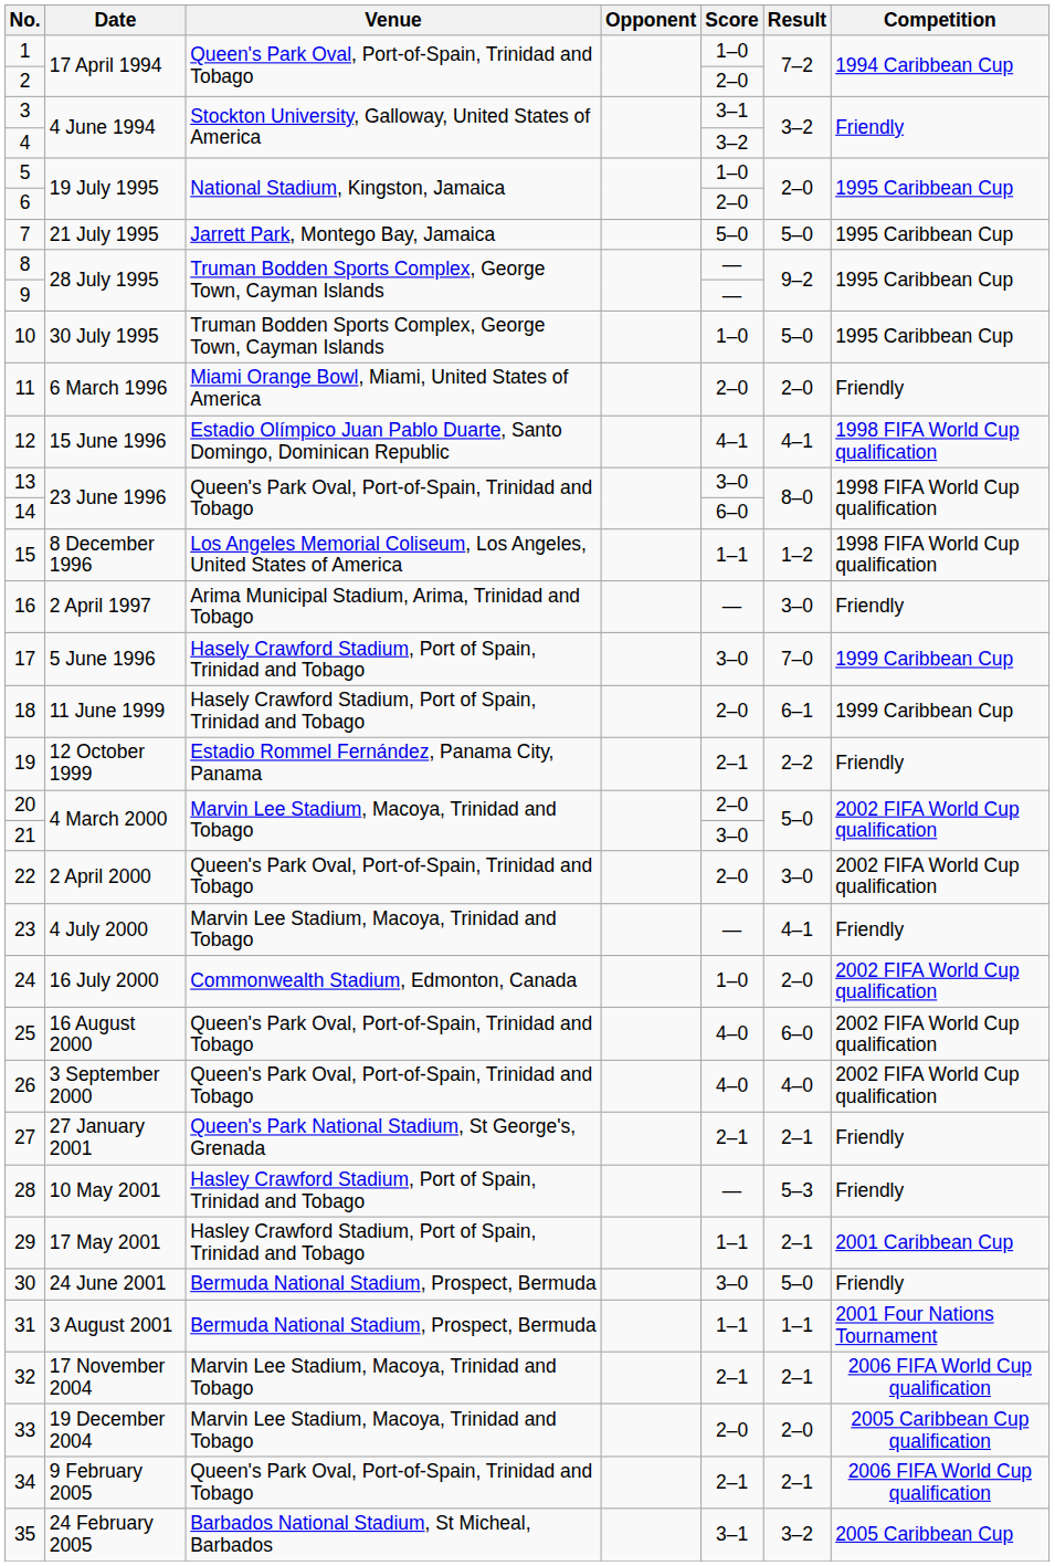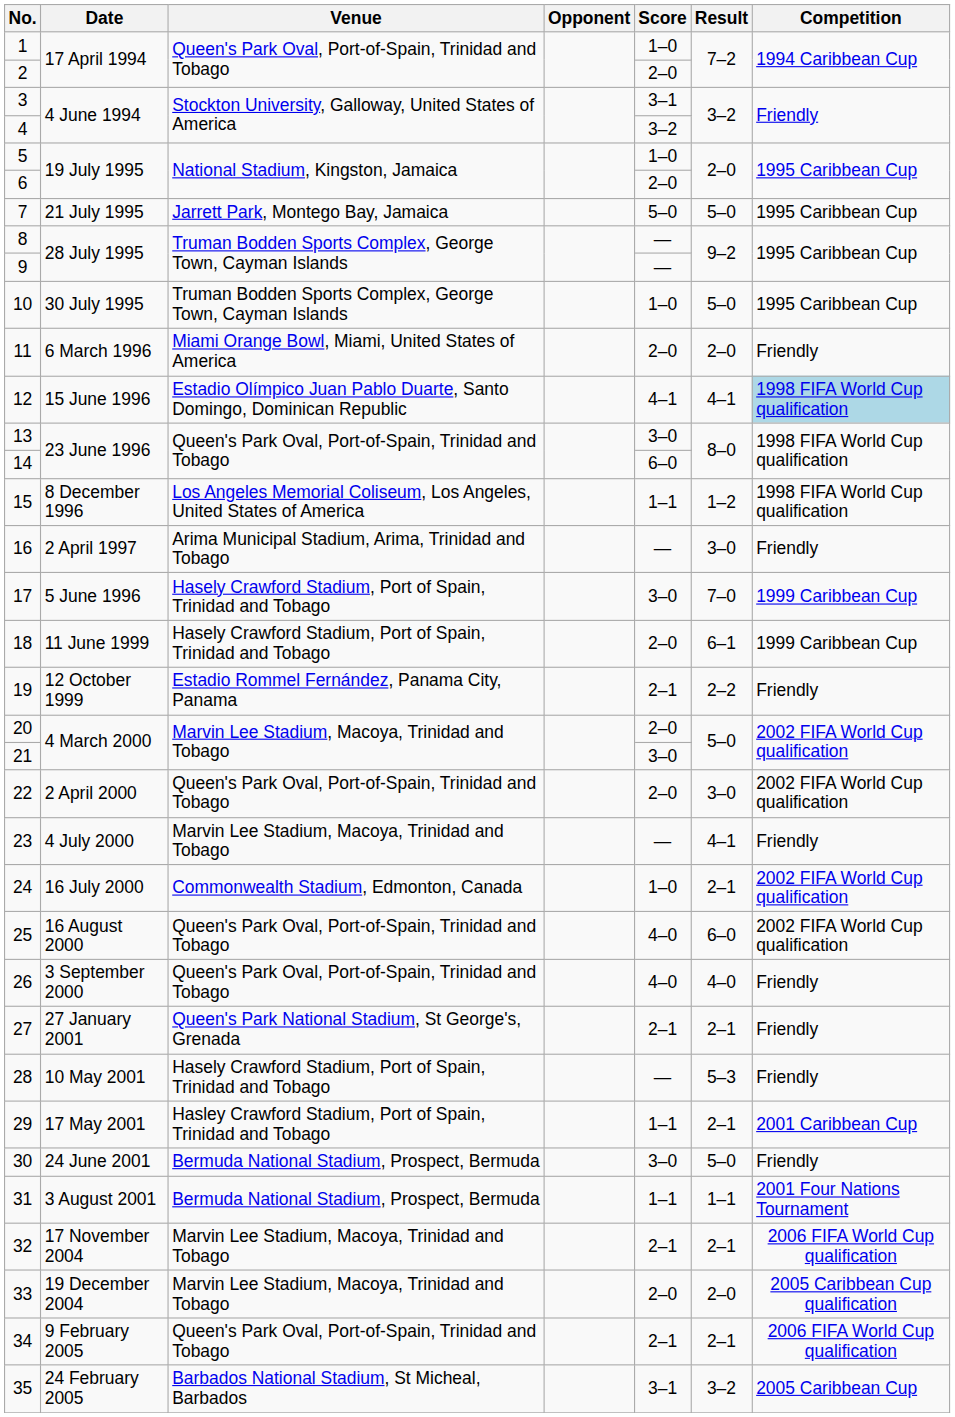 <table class="wikitable sortable">
 <tr>
 <th scope="col">No.</th>
 <th scope="col">Date</th>
 <th scope="col">Venue</th>
 <th scope="col">Opponent</th>
 <th scope="col">Score</th>
 <th scope="col">Result</th>
 <th scope="col">Competition</th>
 </tr>
 <tr>
 <td align="center">1</td>
 <td rowspan="2">17 April 1994</td>
 <td rowspan="2"><a href='#'>Queen's Park Oval</a>, Port-of-Spain, Trinidad and Tobago</td>
 <td rowspan="2"></td>
 <td align="center">1–0</td>
 <td rowspan="2" align="center">7–2</td>
 <td rowspan="2"><a href='#'>1994 Caribbean Cup</a></td>
 </tr>
 <tr>
 <td align="center">2</td>
 <td align="center">2–0</td>
 </tr>
 <tr>
 <td align="center">3</td>
 <td rowspan="2">4 June 1994</td>
 <td rowspan="2"><a href='#'>Stockton University</a>, Galloway, United States of America</td>
 <td rowspan="2"></td>
 <td align="center">3–1</td>
 <td rowspan="2" align="center">3–2</td>
 <td rowspan="2"><a href='#'>Friendly</a></td>
 </tr>
 <tr>
 <td align="center">4</td>
 <td align="center">3–2</td>
 </tr>
 <tr>
 <td align="center">5</td>
 <td rowspan="2">19 July 1995</td>
 <td rowspan="2"><a href='#'>National Stadium</a>, Kingston, Jamaica</td>
 <td rowspan="2"></td>
 <td align="center">1–0</td>
 <td rowspan="2" align="center">2–0</td>
 <td rowspan="2"><a href='#'>1995 Caribbean Cup</a></td>
 </tr>
 <tr>
 <td align="center">6</td>
 <td align="center">2–0</td>
 </tr>
 <tr>
 <td align="center">7</td>
 <td>21 July 1995</td>
 <td><a href='#'>Jarrett Park</a>, Montego Bay, Jamaica</td>
 <td></td>
 <td align="center">5–0</td>
 <td align="center">5–0</td>
 <td>1995 Caribbean Cup</td>
 </tr>
 <tr>
 <td align="center">8</td>
 <td rowspan="2">28 July 1995</td>
 <td rowspan="2"><a href='#'>Truman Bodden Sports Complex</a>, George Town, Cayman Islands</td>
 <td rowspan="2"></td>
 <td align="center">—</td>
 <td rowspan="2" align="center">9–2</td>
 <td rowspan="2">1995 Caribbean Cup</td>
 </tr>
 <tr>
 <td align="center">9</td>
 <td align="center">—</td>
 </tr>
 <tr>
 <td align="center">10</td>
 <td>30 July 1995</td>
 <td>Truman Bodden Sports Complex, George Town, Cayman Islands</td>
 <td></td>
 <td align="center">1–0</td>
 <td align="center">5–0</td>
 <td>1995 Caribbean Cup</td>
 </tr>
 <tr>
 <td align="center">11</td>
 <td>6 March 1996</td>
 <td><a href='#'>Miami Orange Bowl</a>, Miami, United States of America</td>
 <td></td>
 <td align="center">2–0</td>
 <td align="center">2–0</td>
 <td>Friendly</td>
 </tr>
 <tr>
 <td align="center">12</td>
 <td>15 June 1996</td>
 <td><a href='#'>Estadio Olímpico Juan Pablo Duarte</a>, Santo Domingo, Dominican Republic</td>
 <td></td>
 <td align="center">4–1</td>
 <td align="center">4–1</td>
-<td><a href='#'>1998 FIFA World Cup qualification</a></td>
+<td style="background: lightblue;"><a href='#'>1998 FIFA World Cup qualification</a></td>
 </tr>
 <tr>
 <td align="center">13</td>
 <td rowspan="2">23 June 1996</td>
 <td rowspan="2">Queen's Park Oval, Port-of-Spain, Trinidad and Tobago</td>
 <td rowspan="2"></td>
 <td align="center">3–0</td>
 <td rowspan="2" align="center">8–0</td>
 <td rowspan="2">1998 FIFA World Cup qualification</td>
 </tr>
 <tr>
 <td align="center">14</td>
 <td align="center">6–0</td>
 </tr>
 <tr>
 <td align="center">15</td>
 <td>8 December 1996</td>
 <td><a href='#'>Los Angeles Memorial Coliseum</a>, Los Angeles, United States of America</td>
 <td></td>
 <td align="center">1–1</td>
 <td align="center">1–2</td>
 <td>1998 FIFA World Cup qualification</td>
 </tr>
 <tr>
 <td align="center">16</td>
 <td>2 April 1997</td>
 <td>Arima Municipal Stadium, Arima, Trinidad and Tobago</td>
 <td></td>
 <td align="center">—</td>
 <td align="center">3–0</td>
 <td>Friendly</td>
 </tr>
 <tr>
 <td align="center">17</td>
 <td>5 June 1996</td>
 <td><a href='#'>Hasely Crawford Stadium</a>, Port of Spain, Trinidad and Tobago</td>
 <td></td>
 <td align="center">3–0</td>
 <td align="center">7–0</td>
 <td><a href='#'>1999 Caribbean Cup</a></td>
 </tr>
 <tr>
 <td align="center">18</td>
 <td>11 June 1999</td>
 <td>Hasely Crawford Stadium, Port of Spain, Trinidad and Tobago</td>
 <td></td>
 <td align="center">2–0</td>
 <td align="center">6–1</td>
 <td>1999 Caribbean Cup</td>
 </tr>
 <tr>
 <td align="center">19</td>
 <td>12 October 1999</td>
 <td><a href='#'>Estadio Rommel Fernández</a>, Panama City, Panama</td>
 <td></td>
 <td align="center">2–1</td>
 <td align="center">2–2</td>
 <td>Friendly</td>
 </tr>
 <tr>
 <td align="center">20</td>
 <td rowspan="2">4 March 2000</td>
 <td rowspan="2"><a href='#'>Marvin Lee Stadium</a>, Macoya, Trinidad and Tobago</td>
 <td rowspan="2"></td>
 <td align="center">2–0</td>
 <td rowspan="2" align="center">5–0</td>
 <td rowspan="2"><a href='#'>2002 FIFA World Cup qualification</a></td>
 </tr>
 <tr>
 <td align="center">21</td>
 <td align="center">3–0</td>
 </tr>
 <tr>
 <td align="center">22</td>
 <td>2 April 2000</td>
 <td>Queen's Park Oval, Port-of-Spain, Trinidad and Tobago</td>
 <td></td>
 <td align="center">2–0</td>
 <td align="center">3–0</td>
 <td>2002 FIFA World Cup qualification</td>
 </tr>
 <tr>
 <td align="center">23</td>
 <td>4 July 2000</td>
 <td>Marvin Lee Stadium, Macoya, Trinidad and Tobago</td>
 <td></td>
 <td align="center">—</td>
 <td align="center">4–1</td>
 <td>Friendly</td>
 </tr>
 <tr>
 <td align="center">24</td>
 <td>16 July 2000</td>
 <td><a href='#'>Commonwealth Stadium</a>, Edmonton, Canada</td>
 <td></td>
 <td align="center">1–0</td>
-<td align="center">2–0</td>
+<td align="center">2–1</td>
 <td><a href='#'>2002 FIFA World Cup qualification</a></td>
 </tr>
 <tr>
 <td align="center">25</td>
 <td>16 August 2000</td>
 <td>Queen's Park Oval, Port-of-Spain, Trinidad and Tobago</td>
 <td></td>
 <td align="center">4–0</td>
 <td align="center">6–0</td>
 <td>2002 FIFA World Cup qualification</td>
 </tr>
 <tr>
 <td align="center">26</td>
 <td>3 September 2000</td>
 <td>Queen's Park Oval, Port-of-Spain, Trinidad and Tobago</td>
 <td></td>
 <td align="center">4–0</td>
 <td align="center">4–0</td>
-<td>2002 FIFA World Cup qualification</td>
+<td>Friendly</td>
 </tr>
 <tr>
 <td align="center">27</td>
 <td>27 January 2001</td>
 <td><a href='#'>Queen's Park National Stadium</a>, St George's, Grenada</td>
 <td></td>
 <td align="center">2–1</td>
 <td align="center">2–1</td>
 <td>Friendly</td>
 </tr>
 <tr>
 <td align="center">28</td>
 <td>10 May 2001</td>
-<td><a href='#'>Hasley Crawford Stadium</a>, Port of Spain, Trinidad and Tobago</td>
+<td>Hasely Crawford Stadium, Port of Spain, Trinidad and Tobago</td>
 <td></td>
 <td align="center">—</td>
 <td align="center">5–3</td>
 <td>Friendly</td>
 </tr>
 <tr>
 <td align="center">29</td>
 <td>17 May 2001</td>
 <td>Hasley Crawford Stadium, Port of Spain, Trinidad and Tobago</td>
 <td></td>
 <td align="center">1–1</td>
 <td align="center">2–1</td>
 <td><a href='#'>2001 Caribbean Cup</a></td>
 </tr>
 <tr>
 <td align="center">30</td>
 <td>24 June 2001</td>
 <td><a href='#'>Bermuda National Stadium</a>, Prospect, Bermuda</td>
 <td></td>
 <td align="center">3–0</td>
 <td align="center">5–0</td>
 <td>Friendly</td>
 </tr>
 <tr>
 <td align="center">31</td>
 <td>3 August 2001</td>
 <td><a href='#'>Bermuda National Stadium</a>, Prospect, Bermuda</td>
 <td></td>
 <td align="center">1–1</td>
 <td align="center">1–1</td>
 <td><a href='#'>2001 Four Nations Tournament</a></td>
 </tr>
 <tr>
 <td align="center">32</td>
 <td>17 November 2004</td>
 <td>Marvin Lee Stadium, Macoya, Trinidad and Tobago</td>
 <td></td>
 <td align="center">2–1</td>
 <td align="center">2–1</td>
 <td align="center"><a href='#'>2006 FIFA World Cup qualification</a></td>
 </tr>
 <tr>
 <td align="center">33</td>
 <td>19 December 2004</td>
 <td>Marvin Lee Stadium, Macoya, Trinidad and Tobago</td>
 <td></td>
 <td align="center">2–0</td>
 <td align="center">2–0</td>
 <td align="center"><a href='#'>2005 Caribbean Cup qualification</a></td>
 </tr>
 <tr>
 <td align="center">34</td>
 <td>9 February 2005</td>
 <td>Queen's Park Oval, Port-of-Spain, Trinidad and Tobago</td>
 <td></td>
 <td align="center">2–1</td>
 <td align="center">2–1</td>
 <td align="center"><a href='#'>2006 FIFA World Cup qualification</a></td>
 </tr>
 <tr>
 <td align="center">35</td>
 <td>24 February 2005</td>
 <td><a href='#'>Barbados National Stadium</a>, St Micheal, Barbados</td>
 <td></td>
 <td align="center">3–1</td>
 <td align="center">3–2</td>
 <td><a href='#'>2005 Caribbean Cup</a></td>
 </tr>
 </table>
